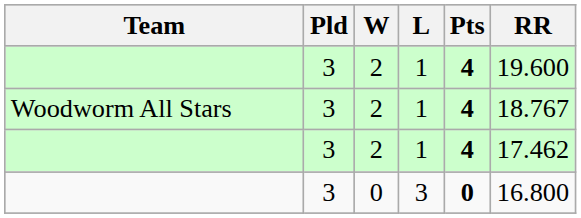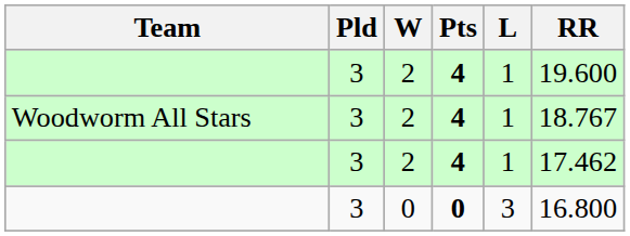 <table class="wikitable" border="1" style="text-align:center;">
 <tr>
 <th width=175>Team</th>
 <th width=20 abbr="Played">Pld</th>
 <th width=20 abbr="Won">W</th>
+<th width=20 abbr="Points">Pts</th>
 <th width=20 abbr="Lost">L</th>
-<th width=20 abbr="Points">Pts</th>
 <th width=20 abbr="Run rate">RR</th>
 </tr>
 <tr style="background:#ccffcc;">
 <td style="text-align:left;"></td>
 <td>3</td>
 <td>2</td>
+<td><strong>4</strong></td>
 <td>1</td>
-<td><strong>4</strong></td>
 <td>19.600</td>
 </tr>
 <tr style="background:#ccffcc;">
 <td style="text-align:left;">Woodworm All Stars</td>
 <td>3</td>
 <td>2</td>
+<td><strong>4</strong></td>
 <td>1</td>
-<td><strong>4</strong></td>
 <td>18.767</td>
 </tr>
 <tr style="background:#ccffcc;">
 <td style="text-align:left;"></td>
 <td>3</td>
 <td>2</td>
+<td><strong>4</strong></td>
 <td>1</td>
-<td><strong>4</strong></td>
 <td>17.462</td>
 </tr>
 <tr style="background:#f9f9f9;">
 <td style="text-align:left;"></td>
 <td>3</td>
 <td>0</td>
+<td><strong>0</strong></td>
 <td>3</td>
-<td><strong>0</strong></td>
 <td>16.800</td>
 </tr>
 </table>
